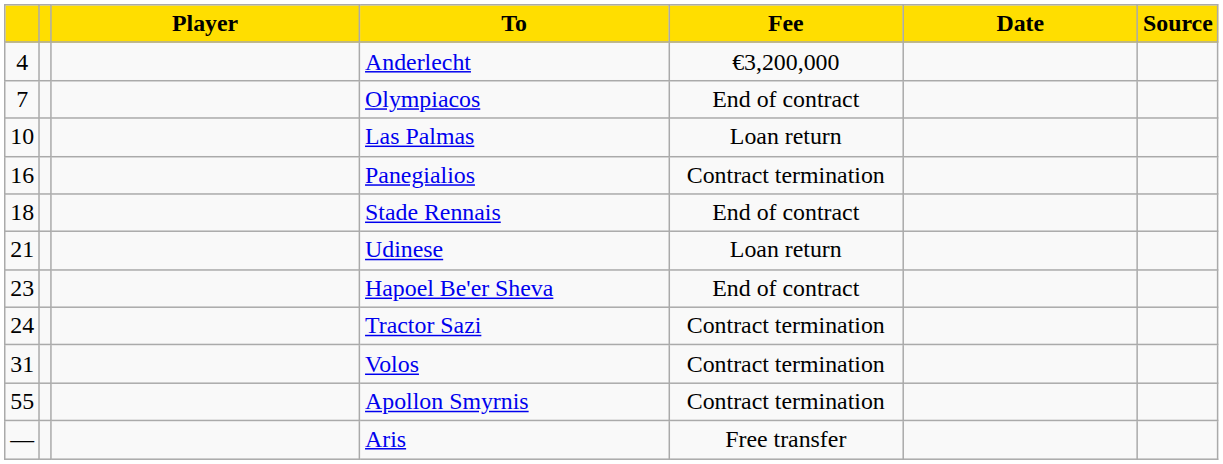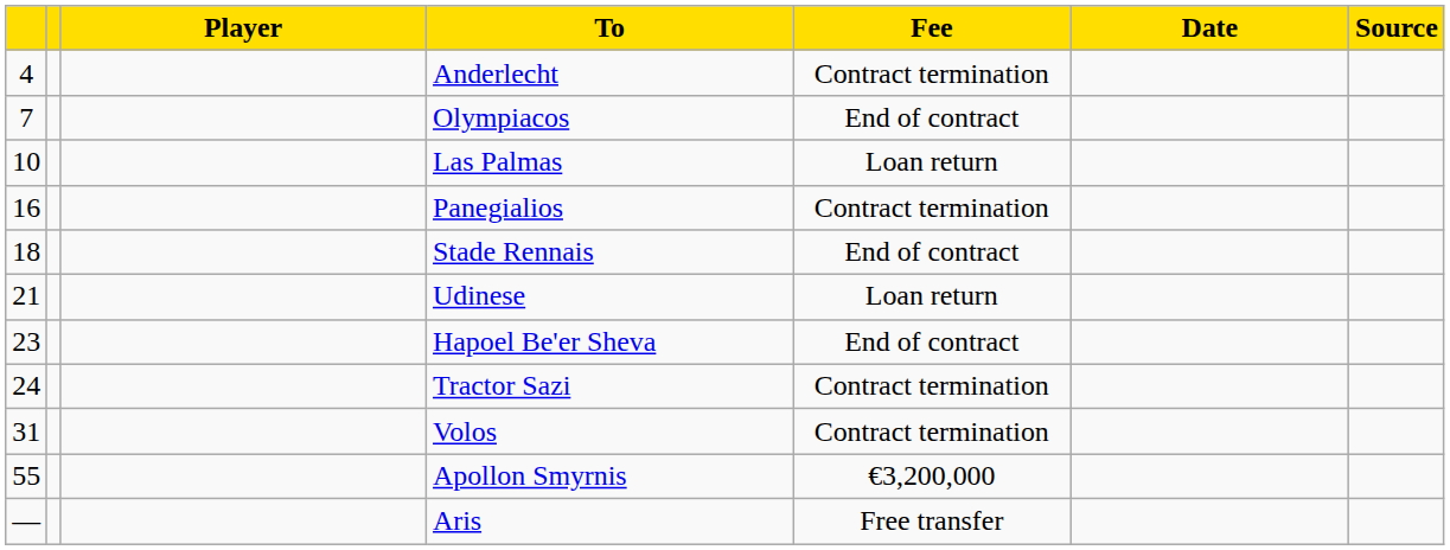 <table class="wikitable sortable">
 <tr>
 <th style="background:#FFDE00"></th>
 <th style="background:#FFDE00"></th>
 <th width=200 style="background:#FFDE00">Player</th>
 <th width=200 style="background:#FFDE00">To</th>
 <th width=150 style="background:#FFDE00">Fee</th>
 <th width=150 style="background:#FFDE00">Date</th>
 <th style="background:#FFDE00">Source</th>
 </tr>
 <tr>
 <td align=center>4</td>
 <td align=center></td>
 <td></td>
 <td> <a href='#'>Anderlecht</a></td>
-<td align=center>€3,200,000</td>
+<td align=center>Contract termination</td>
 <td align=center></td>
 <td align=center></td>
 </tr>
 <tr>
 <td align=center>7</td>
 <td align=center></td>
 <td></td>
 <td> <a href='#'>Olympiacos</a></td>
 <td align=center>End of contract</td>
 <td align=center></td>
 <td align=center></td>
 </tr>
 <tr>
 <td align=center>10</td>
 <td align=center></td>
 <td></td>
 <td> <a href='#'>Las Palmas</a></td>
 <td align=center>Loan return</td>
 <td align=center></td>
 <td align=center></td>
 </tr>
 <tr>
 <td align=center>16</td>
 <td align=center></td>
 <td></td>
 <td> <a href='#'>Panegialios</a></td>
 <td align=center>Contract termination</td>
 <td align=center></td>
 <td align=center></td>
 </tr>
 <tr>
 <td align=center>18</td>
 <td align=center></td>
 <td></td>
 <td> <a href='#'>Stade Rennais</a></td>
 <td align=center>End of contract</td>
 <td align=center></td>
 <td align=center></td>
 </tr>
 <tr>
 <td align=center>21</td>
 <td align=center></td>
 <td></td>
 <td> <a href='#'>Udinese</a></td>
 <td align=center>Loan return</td>
 <td align=center></td>
 <td align=center></td>
 </tr>
 <tr>
 <td align=center>23</td>
 <td align=center></td>
 <td></td>
 <td> <a href='#'>Hapoel Be'er Sheva</a></td>
 <td align=center>End of contract</td>
 <td align=center></td>
 <td align=center></td>
 </tr>
 <tr>
 <td align=center>24</td>
 <td align=center></td>
 <td></td>
 <td> <a href='#'>Tractor Sazi</a></td>
 <td align=center>Contract termination</td>
 <td align=center></td>
 <td align=center></td>
 </tr>
 <tr>
 <td align=center>31</td>
 <td align=center></td>
 <td></td>
 <td> <a href='#'>Volos</a></td>
 <td align=center>Contract termination</td>
 <td align=center></td>
 <td align=center></td>
 </tr>
 <tr>
 <td align=center>55</td>
 <td align=center></td>
 <td></td>
 <td> <a href='#'>Apollon Smyrnis</a></td>
-<td align=center>Contract termination</td>
+<td align=center>€3,200,000</td>
 <td align=center></td>
 <td align=center></td>
 </tr>
 <tr>
 <td align=center>—</td>
 <td align=center></td>
 <td></td>
 <td> <a href='#'>Aris</a></td>
 <td align=center>Free transfer</td>
 <td align=center></td>
 <td align=center></td>
 </tr>
 </table>
